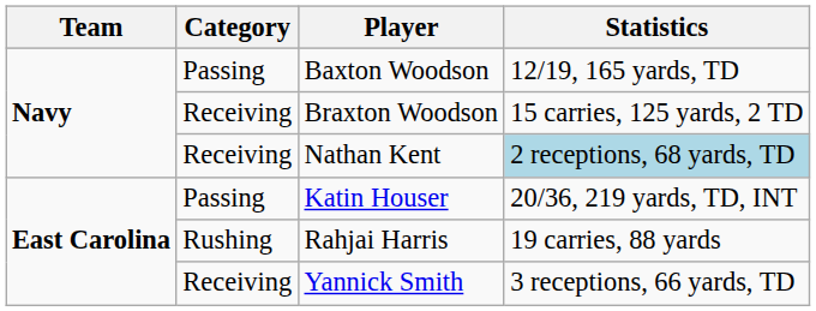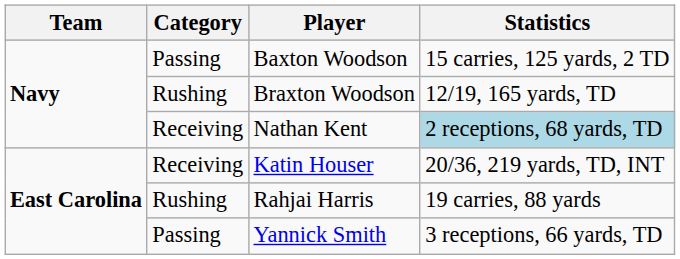 <table class="wikitable" style="float: right;">
 <tr>
 <th>Team</th>
 <th>Category</th>
 <th>Player</th>
 <th>Statistics</th>
 </tr>
 <tr>
 <td rowspan=3><strong>Navy</strong></td>
 <td>Passing</td>
 <td>Baxton Woodson</td>
-<td>12/19, 165 yards, TD</td>
+<td>15 carries, 125 yards, 2 TD</td>
 </tr>
 <tr>
-<td>Receiving</td>
+<td>Rushing</td>
 <td>Braxton Woodson</td>
-<td>15 carries, 125 yards, 2 TD</td>
+<td>12/19, 165 yards, TD</td>
 </tr>
 <tr>
 <td>Receiving</td>
 <td>Nathan Kent</td>
 <td style="background: lightblue;">2 receptions, 68 yards, TD</td>
 </tr>
 <tr>
 <td rowspan=3><strong>East Carolina</strong></td>
-<td>Passing</td>
+<td>Receiving</td>
 <td><a href='#'>Katin Houser</a></td>
 <td>20/36, 219 yards, TD, INT</td>
 </tr>
 <tr>
 <td>Rushing</td>
 <td>Rahjai Harris</td>
 <td>19 carries, 88 yards</td>
 </tr>
 <tr>
-<td>Receiving</td>
+<td>Passing</td>
 <td><a href='#'>Yannick Smith</a></td>
 <td>3 receptions, 66 yards, TD</td>
 </tr>
 </table>
